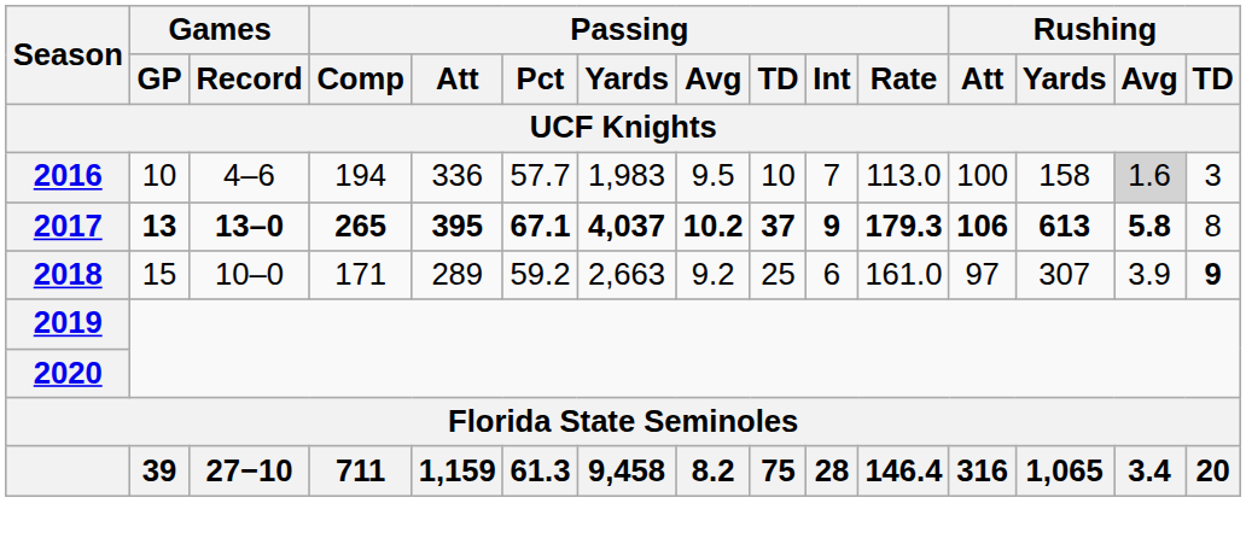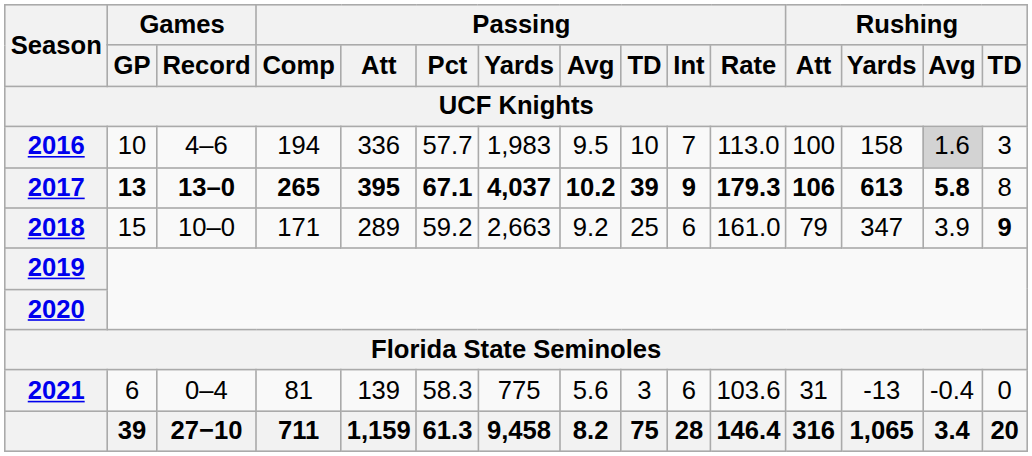 <table class="wikitable" style="text-align:center;">
 <tr>
 <th rowspan="2">Season</th>
 <th colspan="2">Games</th>
 <th colspan="8">Passing</th>
 <th colspan="4">Rushing</th>
 </tr>
 <tr>
 <th>GP</th>
 <th>Record</th>
 <th>Comp</th>
 <th>Att</th>
 <th>Pct</th>
 <th>Yards</th>
 <th>Avg</th>
 <th>TD</th>
 <th>Int</th>
 <th>Rate</th>
 <th>Att</th>
 <th>Yards</th>
 <th>Avg</th>
 <th>TD</th>
 </tr>
 <tr>
 <th colspan="15">UCF Knights</th>
 </tr>
 <tr>
 <th><a href='#'>2016</a></th>
 <td>10</td>
 <td>4–6</td>
 <td>194</td>
 <td>336</td>
 <td>57.7</td>
 <td>1,983</td>
 <td>9.5</td>
 <td>10</td>
 <td>7</td>
 <td>113.0</td>
 <td>100</td>
 <td>158</td>
 <td style="background: lightgrey;">1.6</td>
 <td>3</td>
 </tr>
 <tr>
 <th><a href='#'>2017</a></th>
 <td><strong>13</strong></td>
 <td><strong>13–0</strong></td>
 <td><strong>265</strong></td>
 <td><strong>395</strong></td>
 <td><strong>67.1</strong></td>
 <td><strong>4,037</strong></td>
 <td><strong>10.2</strong></td>
-<td><strong>37</strong></td>
+<td><strong>39</strong></td>
 <td><strong>9</strong></td>
 <td><strong>179.3</strong></td>
 <td><strong>106</strong></td>
 <td><strong>613</strong></td>
 <td><strong>5.8</strong></td>
 <td>8</td>
 </tr>
 <tr>
 <th><a href='#'>2018</a></th>
 <td>15</td>
 <td>10–0</td>
 <td>171</td>
 <td>289</td>
 <td>59.2</td>
 <td>2,663</td>
 <td>9.2</td>
 <td>25</td>
 <td>6</td>
 <td>161.0</td>
-<td>97</td>
-<td>307</td>
+<td>79</td>
+<td>347</td>
 <td>3.9</td>
 <td><strong>9</strong></td>
 </tr>
 <tr>
 <th><a href='#'>2019</a></th>
 <td colspan="14" rowspan="2"></td>
 </tr>
 <tr>
 <th><a href='#'>2020</a></th>
 </tr>
 <tr>
 <th colspan="15">Florida State Seminoles</th>
+</tr>
+<tr>
+<th><a href='#'>2021</a></th>
+<td>6</td>
+<td>0–4</td>
+<td>81</td>
+<td>139</td>
+<td>58.3</td>
+<td>775</td>
+<td>5.6</td>
+<td>3</td>
+<td>6</td>
+<td>103.6</td>
+<td>31</td>
+<td>-13</td>
+<td>-0.4</td>
+<td>0</td>
 </tr>
 <tr>
 <th></th>
 <th>39</th>
 <th>27−10</th>
 <th>711</th>
 <th>1,159</th>
 <th>61.3</th>
 <th>9,458</th>
 <th>8.2</th>
 <th>75</th>
 <th>28</th>
 <th>146.4</th>
 <th>316</th>
 <th>1,065</th>
 <th>3.4</th>
 <th>20</th>
 </tr>
 </table>
